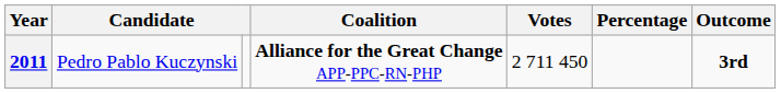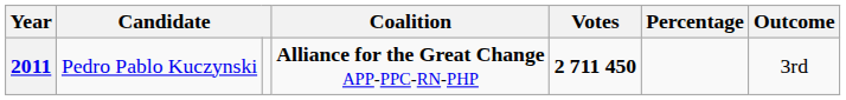 <table class="wikitable" style="text-align:center">
 <tr>
 <th>Year</th>
 <th colspan="2">Candidate</th>
 <th>Coalition</th>
 <th>Votes</th>
 <th>Percentage</th>
 <th>Outcome</th>
 </tr>
 <tr>
 <th><strong><a href='#'>2011</a></strong></th>
 <td><a href='#'>Pedro Pablo Kuczynski</a></td>
 <td></td>
 <td><strong>Alliance for the Great Change</strong><br><small><a href='#'>APP</a>-<a href='#'>PPC</a>-<a href='#'>RN</a>-<a href='#'>PHP</a></small></td>
-<td>2 711 450</td>
+<td><strong>2 711 450</strong></td>
 <td></td>
-<td><strong>3rd</strong></td>
+<td>3rd</td>
 </tr>
 </table>
